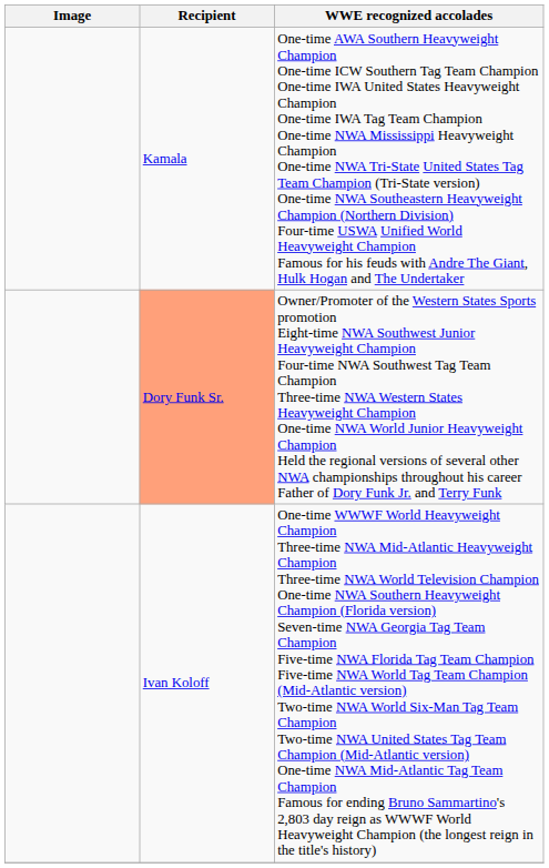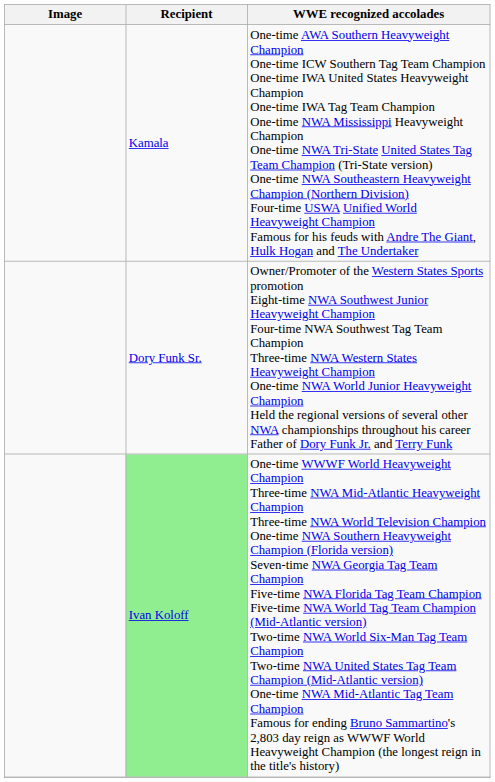 <table class="wikitable">
 <tr>
 <th style="width:25%;">Image</th>
 <th style="width:25%;">Recipient<br></th>
 <th style="width:50%;">WWE recognized accolades</th>
 </tr>
 <tr>
 <td></td>
 <td><a href='#'>Kamala</a><br></td>
 <td>One-time <a href='#'>AWA Southern Heavyweight Champion</a><br>One-time ICW Southern Tag Team Champion<br>One-time IWA United States Heavyweight Champion<br>One-time IWA Tag Team Champion<br>One-time <a href='#'>NWA Mississippi</a> Heavyweight Champion<br>One-time <a href='#'>NWA Tri-State</a> <a href='#'>United States Tag Team Champion</a> (Tri-State version)<br>One-time <a href='#'>NWA Southeastern Heavyweight Champion (Northern Division)</a><br>Four-time <a href='#'>USWA</a> <a href='#'>Unified World Heavyweight Champion</a><br>Famous for his feuds with <a href='#'>Andre The Giant</a>, <a href='#'>Hulk Hogan</a> and <a href='#'>The Undertaker</a></td>
 </tr>
 <tr>
 <td></td>
-<td style="background: lightsalmon;"><a href='#'>Dory Funk Sr.</a></td>
+<td><a href='#'>Dory Funk Sr.</a></td>
 <td>Owner/Promoter of the <a href='#'>Western States Sports</a> promotion<br>Eight-time <a href='#'>NWA Southwest Junior Heavyweight Champion</a><br>Four-time NWA Southwest Tag Team Champion<br>Three-time <a href='#'>NWA Western States Heavyweight Champion</a><br>One-time <a href='#'>NWA World Junior Heavyweight Champion</a><br>Held the regional versions of several other <a href='#'>NWA</a> championships throughout his career<br>Father of <a href='#'>Dory Funk Jr.</a> and <a href='#'>Terry Funk</a></td>
 </tr>
 <tr>
 <td></td>
-<td><a href='#'>Ivan Koloff</a><br></td>
+<td style="background: lightgreen;"><a href='#'>Ivan Koloff</a><br></td>
 <td>One-time <a href='#'>WWWF World Heavyweight Champion</a><br>Three-time <a href='#'>NWA Mid-Atlantic Heavyweight Champion</a><br>Three-time <a href='#'>NWA World Television Champion</a><br>One-time <a href='#'>NWA Southern Heavyweight Champion (Florida version)</a><br>Seven-time <a href='#'>NWA Georgia Tag Team Champion</a><br>Five-time <a href='#'>NWA Florida Tag Team Champion</a><br>Five-time <a href='#'>NWA World Tag Team Champion (Mid-Atlantic version)</a><br>Two-time <a href='#'>NWA World Six-Man Tag Team Champion</a><br>Two-time <a href='#'>NWA United States Tag Team Champion (Mid-Atlantic version)</a><br>One-time <a href='#'>NWA Mid-Atlantic Tag Team Champion</a><br>Famous for ending <a href='#'>Bruno Sammartino</a>'s 2,803 day reign as WWWF World Heavyweight Champion (the longest reign in the title's history)</td>
 </tr>
 <tr>
 </tr>
 </table>
